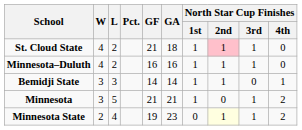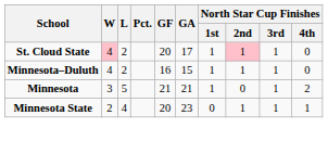 <table class="wikitable sortable" style="font-size: 95%;text-align: center;">
 <tr>
 <th scope="col" rowspan="2">School</th>
 <th scope="col" rowspan="2">W</th>
 <th scope="col" rowspan="2">L</th>
 <th scope="col" rowspan="2">Pct.</th>
 <th scope="col" rowspan="2">GF</th>
 <th scope="col" rowspan="2">GA</th>
 <th colspan="4">North Star Cup Finishes</th>
 </tr>
 <tr>
 <th scope="col">1st</th>
 <th scope="col">2nd</th>
 <th scope="col">3rd</th>
 <th scope="col">4th</th>
 </tr>
 <tr>
 <td><strong>St. Cloud State</strong></td>
-<td>4</td>
+<td style="background: pink;">4</td>
 <td>2</td>
 <td></td>
-<td>21</td>
-<td>18</td>
+<td>20</td>
+<td>17</td>
 <td>1</td>
 <td style="background: pink;">1</td>
 <td>1</td>
 <td>0</td>
 </tr>
 <tr>
 <td><strong>Minnesota–Duluth</strong></td>
 <td>4</td>
 <td>2</td>
 <td></td>
 <td>16</td>
-<td>16</td>
+<td>15</td>
 <td>1</td>
 <td>1</td>
 <td>1</td>
 <td>0</td>
-</tr>
-<tr>
-<td><strong>Bemidji State</strong></td>
-<td>3</td>
-<td>3</td>
-<td></td>
-<td>14</td>
-<td>14</td>
-<td>1</td>
-<td>1</td>
-<td>0</td>
-<td>1</td>
 </tr>
 <tr>
 <td><strong>Minnesota</strong></td>
 <td>3</td>
 <td>5</td>
 <td></td>
 <td>21</td>
 <td>21</td>
 <td>1</td>
 <td>0</td>
 <td>1</td>
 <td>2</td>
 </tr>
 <tr>
 <td><strong>Minnesota State</strong></td>
 <td>2</td>
 <td>4</td>
 <td></td>
-<td>19</td>
+<td>20</td>
 <td>23</td>
 <td>0</td>
-<td style="background: lightyellow;">1</td>
 <td>1</td>
-<td>2</td>
+<td>1</td>
+<td>1</td>
 </tr>
 </table>
